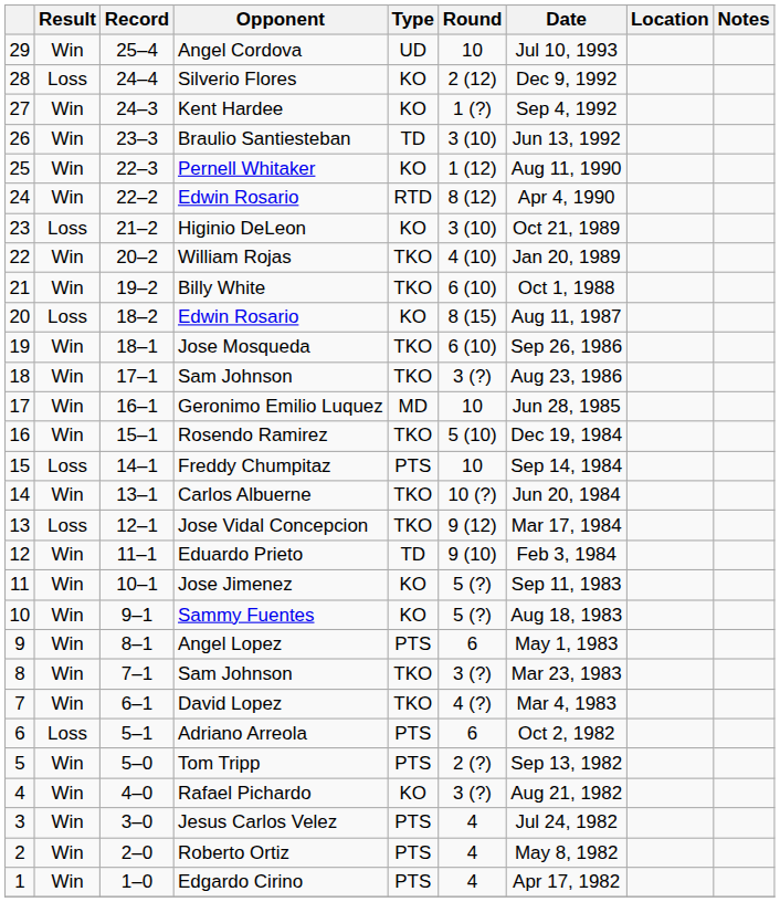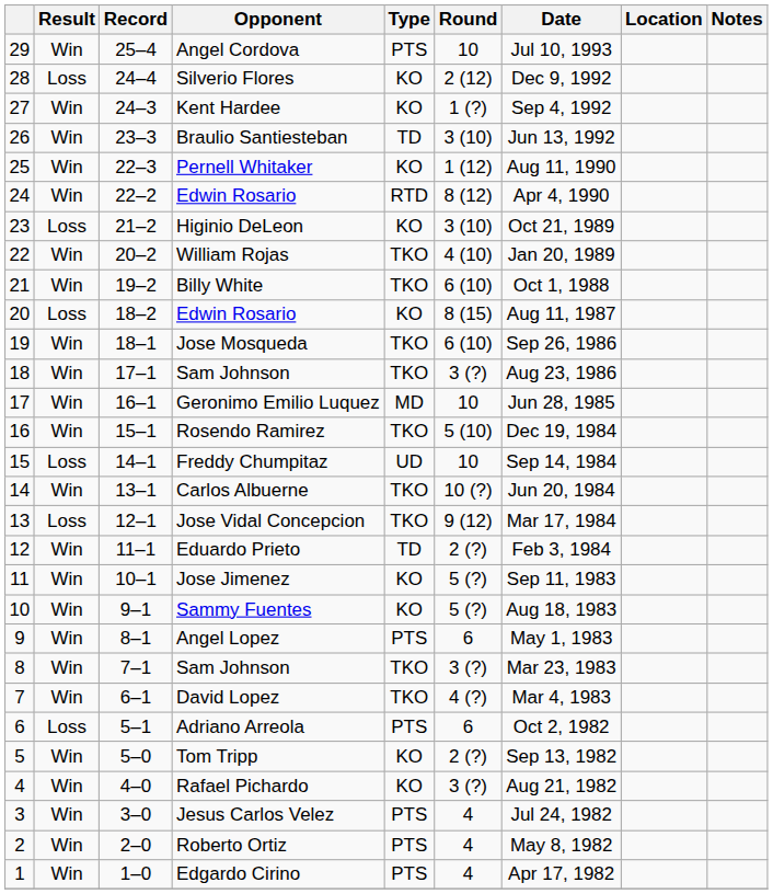 <table class="wikitable" style="text-align:center">
 <tr>
 <th></th>
 <th>Result</th>
 <th>Record</th>
 <th>Opponent</th>
 <th>Type</th>
 <th>Round</th>
 <th>Date</th>
 <th>Location</th>
 <th>Notes</th>
 </tr>
 <tr>
 <td>29</td>
 <td>Win</td>
 <td>25–4</td>
 <td style="text-align:left;">Angel Cordova</td>
-<td>UD</td>
+<td>PTS</td>
 <td>10</td>
 <td>Jul 10, 1993</td>
 <td style="text-align:left;"></td>
 <td></td>
 </tr>
 <tr>
 <td>28</td>
 <td>Loss</td>
 <td>24–4</td>
 <td style="text-align:left;">Silverio Flores</td>
 <td>KO</td>
 <td>2 (12)</td>
 <td>Dec 9, 1992</td>
 <td style="text-align:left;"></td>
 <td style="text-align:left;"></td>
 </tr>
 <tr>
 <td>27</td>
 <td>Win</td>
 <td>24–3</td>
 <td style="text-align:left;">Kent Hardee</td>
 <td>KO</td>
 <td>1 (?)</td>
 <td>Sep 4, 1992</td>
 <td style="text-align:left;"></td>
 <td></td>
 </tr>
 <tr>
 <td>26</td>
 <td>Win</td>
 <td>23–3</td>
 <td style="text-align:left;">Braulio Santiesteban</td>
 <td>TD</td>
 <td>3 (10)</td>
 <td>Jun 13, 1992</td>
 <td style="text-align:left;"></td>
 <td></td>
 </tr>
 <tr>
 <td>25</td>
 <td>Win</td>
 <td>22–3</td>
 <td style="text-align:left;"><a href='#'>Pernell Whitaker</a></td>
 <td>KO</td>
 <td>1 (12)</td>
 <td>Aug 11, 1990</td>
 <td style="text-align:left;"></td>
 <td style="text-align:left;"></td>
 </tr>
 <tr>
 <td>24</td>
 <td>Win</td>
 <td>22–2</td>
 <td style="text-align:left;"><a href='#'>Edwin Rosario</a></td>
 <td>RTD</td>
 <td>8 (12)</td>
 <td>Apr 4, 1990</td>
 <td style="text-align:left;"></td>
 <td style="text-align:left;"></td>
 </tr>
 <tr>
 <td>23</td>
 <td>Loss</td>
 <td>21–2</td>
 <td style="text-align:left;">Higinio DeLeon</td>
 <td>KO</td>
 <td>3 (10)</td>
 <td>Oct 21, 1989</td>
 <td style="text-align:left;"></td>
 <td></td>
 </tr>
 <tr>
 <td>22</td>
 <td>Win</td>
 <td>20–2</td>
 <td style="text-align:left;">William Rojas</td>
 <td>TKO</td>
 <td>4 (10)</td>
 <td>Jan 20, 1989</td>
 <td style="text-align:left;"></td>
 <td></td>
 </tr>
 <tr>
 <td>21</td>
 <td>Win</td>
 <td>19–2</td>
 <td style="text-align:left;">Billy White</td>
 <td>TKO</td>
 <td>6 (10)</td>
 <td>Oct 1, 1988</td>
 <td style="text-align:left;"></td>
 <td></td>
 </tr>
 <tr>
 <td>20</td>
 <td>Loss</td>
 <td>18–2</td>
 <td style="text-align:left;"><a href='#'>Edwin Rosario</a></td>
 <td>KO</td>
 <td>8 (15)</td>
 <td>Aug 11, 1987</td>
 <td style="text-align:left;"></td>
 <td style="text-align:left;"></td>
 </tr>
 <tr>
 <td>19</td>
 <td>Win</td>
 <td>18–1</td>
 <td style="text-align:left;">Jose Mosqueda</td>
 <td>TKO</td>
 <td>6 (10)</td>
 <td>Sep 26, 1986</td>
 <td style="text-align:left;"></td>
 <td></td>
 </tr>
 <tr>
 <td>18</td>
 <td>Win</td>
 <td>17–1</td>
 <td style="text-align:left;">Sam Johnson</td>
 <td>TKO</td>
 <td>3 (?)</td>
 <td>Aug 23, 1986</td>
 <td style="text-align:left;"></td>
 <td></td>
 </tr>
 <tr>
 <td>17</td>
 <td>Win</td>
 <td>16–1</td>
 <td style="text-align:left;">Geronimo Emilio Luquez</td>
 <td>MD</td>
 <td>10</td>
 <td>Jun 28, 1985</td>
 <td style="text-align:left;"></td>
 <td></td>
 </tr>
 <tr>
 <td>16</td>
 <td>Win</td>
 <td>15–1</td>
 <td style="text-align:left;">Rosendo Ramirez</td>
 <td>TKO</td>
 <td>5 (10)</td>
 <td>Dec 19, 1984</td>
 <td style="text-align:left;"></td>
 <td></td>
 </tr>
 <tr>
 <td>15</td>
 <td>Loss</td>
 <td>14–1</td>
 <td style="text-align:left;">Freddy Chumpitaz</td>
-<td>PTS</td>
+<td>UD</td>
 <td>10</td>
 <td>Sep 14, 1984</td>
 <td style="text-align:left;"></td>
 <td></td>
 </tr>
 <tr>
 <td>14</td>
 <td>Win</td>
 <td>13–1</td>
 <td style="text-align:left;">Carlos Albuerne</td>
 <td>TKO</td>
 <td>10 (?)</td>
 <td>Jun 20, 1984</td>
 <td style="text-align:left;"></td>
 <td></td>
 </tr>
 <tr>
 <td>13</td>
 <td>Loss</td>
 <td>12–1</td>
 <td style="text-align:left;">Jose Vidal Concepcion</td>
 <td>TKO</td>
 <td>9 (12)</td>
 <td>Mar 17, 1984</td>
 <td style="text-align:left;"></td>
 <td style="text-align:left;"></td>
 </tr>
 <tr>
 <td>12</td>
 <td>Win</td>
 <td>11–1</td>
 <td style="text-align:left;">Eduardo Prieto</td>
 <td>TD</td>
-<td>9 (10)</td>
+<td>2 (?)</td>
 <td>Feb 3, 1984</td>
 <td style="text-align:left;"></td>
 <td></td>
 </tr>
 <tr>
 <td>11</td>
 <td>Win</td>
 <td>10–1</td>
 <td style="text-align:left;">Jose Jimenez</td>
 <td>KO</td>
 <td>5 (?)</td>
 <td>Sep 11, 1983</td>
 <td style="text-align:left;"></td>
 <td></td>
 </tr>
 <tr>
 <td>10</td>
 <td>Win</td>
 <td>9–1</td>
 <td style="text-align:left;"><a href='#'>Sammy Fuentes</a></td>
 <td>KO</td>
 <td>5 (?)</td>
 <td>Aug 18, 1983</td>
 <td style="text-align:left;"></td>
 <td></td>
 </tr>
 <tr>
 <td>9</td>
 <td>Win</td>
 <td>8–1</td>
 <td style="text-align:left;">Angel Lopez</td>
 <td>PTS</td>
 <td>6</td>
 <td>May 1, 1983</td>
 <td style="text-align:left;"></td>
 <td></td>
 </tr>
 <tr>
 <td>8</td>
 <td>Win</td>
 <td>7–1</td>
 <td style="text-align:left;">Sam Johnson</td>
 <td>TKO</td>
 <td>3 (?)</td>
 <td>Mar 23, 1983</td>
 <td style="text-align:left;"></td>
 <td></td>
 </tr>
 <tr>
 <td>7</td>
 <td>Win</td>
 <td>6–1</td>
 <td style="text-align:left;">David Lopez</td>
 <td>TKO</td>
 <td>4 (?)</td>
 <td>Mar 4, 1983</td>
 <td style="text-align:left;"></td>
 <td></td>
 </tr>
 <tr>
 <td>6</td>
 <td>Loss</td>
 <td>5–1</td>
 <td style="text-align:left;">Adriano Arreola</td>
 <td>PTS</td>
 <td>6</td>
 <td>Oct 2, 1982</td>
 <td style="text-align:left;"></td>
 <td></td>
 </tr>
 <tr>
 <td>5</td>
 <td>Win</td>
 <td>5–0</td>
 <td style="text-align:left;">Tom Tripp</td>
-<td>PTS</td>
+<td>KO</td>
 <td>2 (?)</td>
 <td>Sep 13, 1982</td>
 <td style="text-align:left;"></td>
 <td></td>
 </tr>
 <tr>
 <td>4</td>
 <td>Win</td>
 <td>4–0</td>
 <td style="text-align:left;">Rafael Pichardo</td>
 <td>KO</td>
 <td>3 (?)</td>
 <td>Aug 21, 1982</td>
 <td style="text-align:left;"></td>
 <td></td>
 </tr>
 <tr>
 <td>3</td>
 <td>Win</td>
 <td>3–0</td>
 <td style="text-align:left;">Jesus Carlos Velez</td>
 <td>PTS</td>
 <td>4</td>
 <td>Jul 24, 1982</td>
 <td style="text-align:left;"></td>
 <td></td>
 </tr>
 <tr>
 <td>2</td>
 <td>Win</td>
 <td>2–0</td>
 <td style="text-align:left;">Roberto Ortiz</td>
 <td>PTS</td>
 <td>4</td>
 <td>May 8, 1982</td>
 <td style="text-align:left;"></td>
 <td></td>
 </tr>
 <tr>
 <td>1</td>
 <td>Win</td>
 <td>1–0</td>
 <td style="text-align:left;">Edgardo Cirino</td>
 <td>PTS</td>
 <td>4</td>
 <td>Apr 17, 1982</td>
 <td style="text-align:left;"></td>
 <td></td>
 </tr>
 <tr>
 </tr>
 </table>
